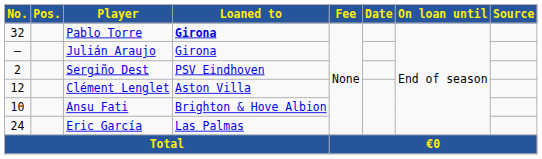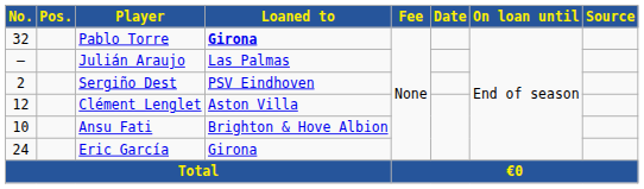 <table class="wikitable" style="text-align:center">
 <tr>
 <th style="background:#26559B;color:#FFF000;">No.</th>
 <th style="background:#26559B;color:#FFF000;">Pos.</th>
 <th style="background:#26559B;color:#FFF000;">Player</th>
 <th style="background:#26559B;color:#FFF000;">Loaned to</th>
 <th style="background:#26559B;color:#FFF000;">Fee</th>
 <th style="background:#26559B;color:#FFF000;">Date</th>
 <th style="background:#26559B;color:#FFF000;">On loan until</th>
 <th style="background:#26559B;color:#FFF000;">Source</th>
 </tr>
 <tr>
 <td>32</td>
 <td></td>
 <td style="text-align:left"> <a href='#'>Pablo Torre</a></td>
 <td style="text-align:left"><strong><a href='#'>Girona</a></strong></td>
 <td rowspan=6>None</td>
 <td></td>
 <td rowspan=6>End of season</td>
 <td></td>
 </tr>
 <tr>
 <td>—</td>
 <td></td>
 <td style="text-align:left"> <a href='#'>Julián Araujo</a></td>
-<td style="text-align:left"><a href='#'>Girona</a></td>
+<td style="text-align:left"><a href='#'>Las Palmas</a></td>
 <td></td>
 <td></td>
 </tr>
 <tr>
 <td>2</td>
 <td></td>
 <td style="text-align:left"> <a href='#'>Sergiño Dest</a></td>
 <td style="text-align:left"> <a href='#'>PSV Eindhoven</a></td>
 <td></td>
 <td></td>
 </tr>
 <tr>
 <td>12</td>
 <td></td>
 <td style="text-align:left"> <a href='#'>Clément Lenglet</a></td>
 <td style="text-align:left"> <a href='#'>Aston Villa</a></td>
 <td rowspan=3></td>
 <td></td>
 </tr>
 <tr>
 <td>10</td>
 <td></td>
 <td style="text-align:left"> <a href='#'>Ansu Fati</a></td>
 <td style="text-align:left"> <a href='#'>Brighton & Hove Albion</a></td>
 <td></td>
 </tr>
 <tr>
 <td>24</td>
 <td></td>
 <td style="text-align:left"> <a href='#'>Eric García</a></td>
-<td style="text-align:left"><a href='#'>Las Palmas</a></td>
+<td style="text-align:left"><a href='#'>Girona</a></td>
 <td></td>
 </tr>
 <tr>
 <th colspan="4" style="background:#26559B;color:#FFF000;">Total</th>
 <th colspan="4" style="background:#26559B;color:#FFF000;">€0</th>
 </tr>
 </table>
